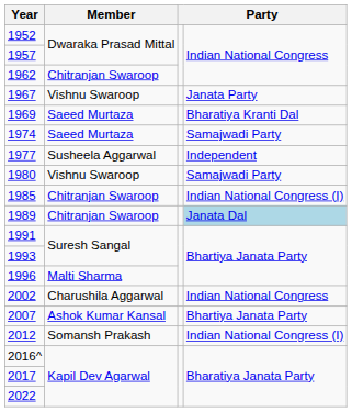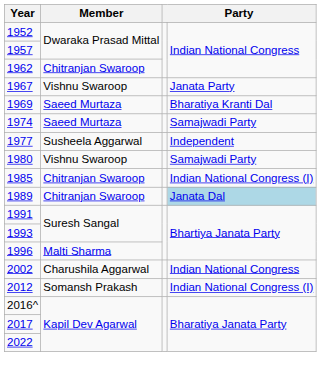 <table class="wikitable">
 <tr>
 <th>Year</th>
 <th>Member</th>
 <th colspan="2">Party</th>
 </tr>
 <tr>
 <td><a href='#'>1952</a></td>
 <td rowspan="2">Dwaraka Prasad Mittal</td>
 <td rowspan="3" style="background-color: "></td>
 <td rowspan="3"><a href='#'>Indian National Congress</a></td>
 </tr>
 <tr>
 <td><a href='#'>1957</a></td>
 </tr>
 <tr>
 <td><a href='#'>1962</a></td>
 <td><a href='#'>Chitranjan Swaroop</a></td>
 </tr>
 <tr>
 <td><a href='#'>1967</a></td>
 <td>Vishnu Swaroop</td>
 <td style="background-color: "></td>
 <td><a href='#'>Janata Party</a></td>
 </tr>
 <tr>
 <td><a href='#'>1969</a></td>
 <td><a href='#'>Saeed Murtaza</a></td>
 <td style="background-color: "></td>
 <td><a href='#'>Bharatiya Kranti Dal</a></td>
 </tr>
 <tr>
 <td><a href='#'>1974</a></td>
 <td><a href='#'>Saeed Murtaza</a></td>
 <td style="background-color: "></td>
 <td><a href='#'>Samajwadi Party</a></td>
 </tr>
 <tr>
 <td><a href='#'>1977</a></td>
 <td>Susheela Aggarwal</td>
 <td style="background-color: "></td>
 <td><a href='#'>Independent</a></td>
 </tr>
 <tr>
 <td><a href='#'>1980</a></td>
 <td>Vishnu Swaroop</td>
 <td style="background-color: "></td>
 <td><a href='#'>Samajwadi Party</a></td>
 </tr>
 <tr>
 <td><a href='#'>1985</a></td>
 <td><a href='#'>Chitranjan Swaroop</a></td>
 <td style="background-color: "></td>
 <td><a href='#'>Indian National Congress (I)</a></td>
 </tr>
 <tr>
 <td><a href='#'>1989</a></td>
 <td><a href='#'>Chitranjan Swaroop</a></td>
 <td style="background-color: "></td>
 <td style="background: lightblue;"><a href='#'>Janata Dal</a></td>
 </tr>
 <tr>
 <td><a href='#'>1991</a></td>
 <td rowspan="2">Suresh Sangal</td>
 <td rowspan="3" style="background-color: "></td>
 <td rowspan="3"><a href='#'>Bhartiya Janata Party</a></td>
 </tr>
 <tr>
 <td><a href='#'>1993</a></td>
 </tr>
 <tr>
 <td><a href='#'>1996</a></td>
 <td><a href='#'>Malti Sharma</a></td>
 </tr>
 <tr>
 <td><a href='#'>2002</a></td>
 <td>Charushila Aggarwal</td>
 <td style="background-color: "></td>
 <td><a href='#'>Indian National Congress</a></td>
 </tr>
 <tr>
-<td><a href='#'>2007</a></td>
-<td><a href='#'>Ashok Kumar Kansal</a></td>
-<td style="background-color: "></td>
-<td><a href='#'>Bhartiya Janata Party</a></td>
-</tr>
-<tr>
 <td><a href='#'>2012</a></td>
 <td>Somansh Prakash</td>
 <td style="background-color: "></td>
 <td><a href='#'>Indian National Congress (I)</a></td>
 </tr>
 <tr>
 <td>2016^</td>
 <td rowspan="3"><a href='#'>Kapil Dev Agarwal</a></td>
 <td rowspan="3" style="background-color: "></td>
 <td rowspan="3"><a href='#'>Bharatiya Janata Party</a></td>
 </tr>
 <tr>
 <td><a href='#'>2017</a></td>
 </tr>
 <tr>
 <td><a href='#'>2022</a></td>
 </tr>
 </table>
